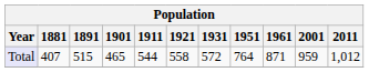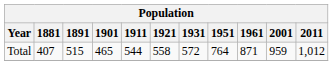 <table class="wikitable" style="margin: 1em auto 1em auto;">
 <tr>
 <th colspan="11">Population </th>
 </tr>
 <tr>
 <th>Year</th>
 <th>1881</th>
 <th>1891</th>
 <th>1901</th>
 <th>1911</th>
 <th>1921</th>
 <th>1931</th>
 <th>1951</th>
 <th>1961</th>
 <th>2001</th>
 <th>2011</th>
 </tr>
 <tr>
-<td style="background: lavender;">Total</td>
+<td>Total</td>
 <td>407</td>
 <td>515</td>
 <td>465</td>
 <td>544</td>
 <td>558</td>
 <td>572</td>
 <td>764</td>
 <td>871</td>
 <td>959</td>
 <td>1,012</td>
 </tr>
 <tr>
 </tr>
 </table>
